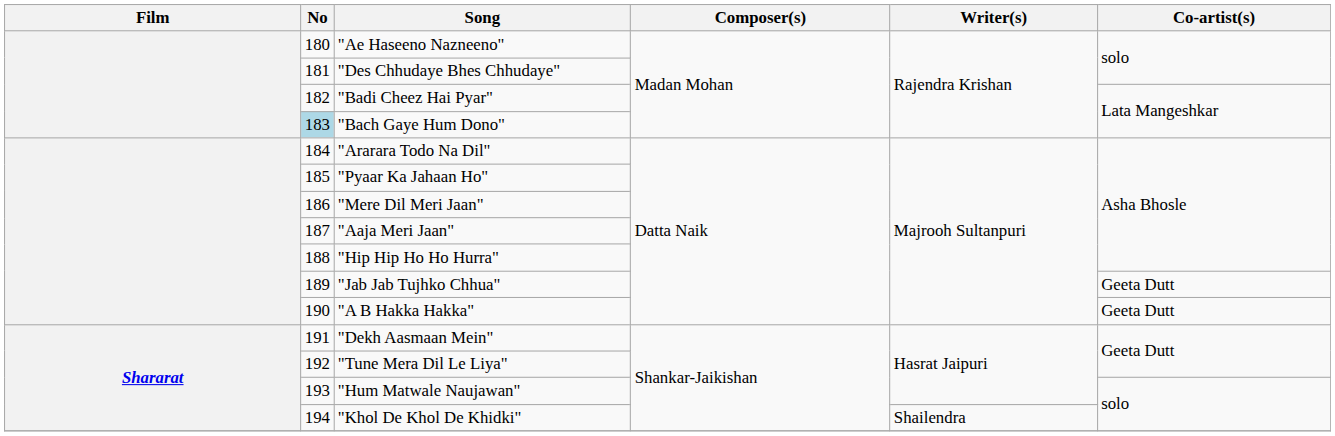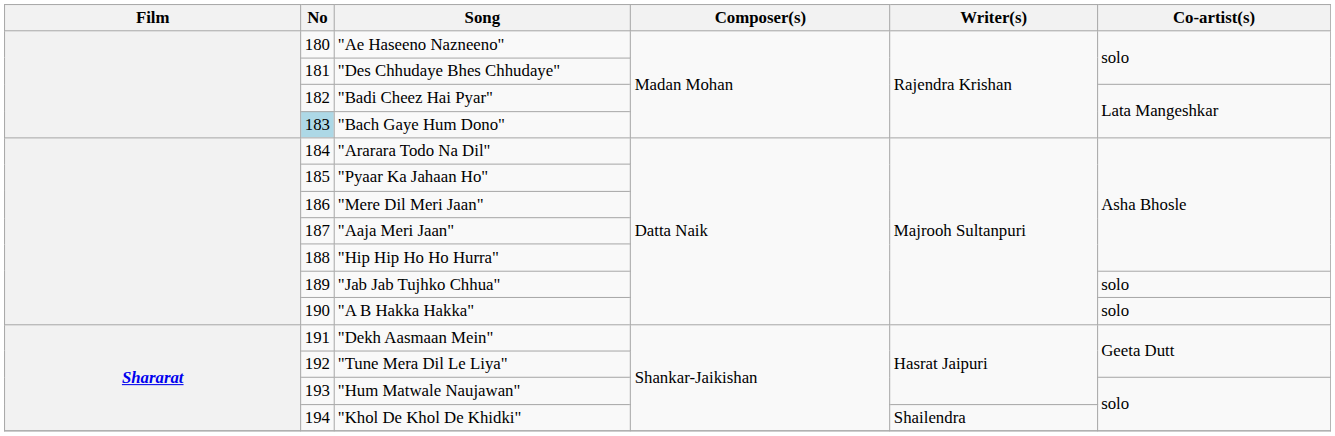 <table class="wikitable plainrowheaders" width="100%" textcolor:#000;">
 <tr style="background:#b0e0e66;">
 <th scope="col" width=23%><strong>Film</strong></th>
 <th><strong>No</strong></th>
 <th scope="col" width=23%><strong>Song</strong></th>
 <th scope="col" width=20%><strong>Composer(s)</strong></th>
 <th scope="col" width=16%><strong>Writer(s)</strong></th>
 <th scope="col" width=18%><strong>Co-artist(s)</strong></th>
 </tr>
 <tr>
 <th rowspan=4><em></em></th>
 <td>180</td>
 <td>"Ae Haseeno Nazneeno"</td>
 <td rowspan=4>Madan Mohan</td>
 <td rowspan=4>Rajendra Krishan</td>
 <td rowspan=2>solo</td>
 </tr>
 <tr>
 <td>181</td>
 <td>"Des Chhudaye Bhes Chhudaye"</td>
 </tr>
 <tr>
 <td>182</td>
 <td>"Badi Cheez Hai Pyar"</td>
 <td rowspan=2>Lata Mangeshkar</td>
 </tr>
 <tr>
 <td style="background: lightblue;">183</td>
 <td>"Bach Gaye Hum Dono"</td>
 </tr>
 <tr>
 <th rowspan=7><em></em></th>
 <td>184</td>
 <td>"Ararara Todo Na Dil"</td>
 <td rowspan=7>Datta Naik</td>
 <td rowspan=7>Majrooh Sultanpuri</td>
 <td rowspan=5>Asha Bhosle</td>
 </tr>
 <tr>
 <td>185</td>
 <td>"Pyaar Ka Jahaan Ho"</td>
 </tr>
 <tr>
 <td>186</td>
 <td>"Mere Dil Meri Jaan"</td>
 </tr>
 <tr>
 <td>187</td>
 <td>"Aaja Meri Jaan"</td>
 </tr>
 <tr>
 <td>188</td>
 <td>"Hip Hip Ho Ho Hurra"</td>
 </tr>
 <tr>
 <td>189</td>
 <td>"Jab Jab Tujhko Chhua"</td>
-<td>Geeta Dutt</td>
+<td>solo</td>
 </tr>
 <tr>
 <td>190</td>
 <td>"A B Hakka Hakka"</td>
-<td>Geeta Dutt</td>
+<td>solo</td>
 </tr>
 <tr>
 <th rowspan=4><em><a href='#'>Shararat</a></em></th>
 <td>191</td>
 <td>"Dekh Aasmaan Mein"</td>
 <td rowspan=4>Shankar-Jaikishan</td>
 <td rowspan=3>Hasrat Jaipuri</td>
 <td rowspan=2>Geeta Dutt</td>
 </tr>
 <tr>
 <td>192</td>
 <td>"Tune Mera Dil Le Liya"</td>
 </tr>
 <tr>
 <td>193</td>
 <td>"Hum Matwale Naujawan"</td>
 <td rowspan=2>solo</td>
 </tr>
 <tr>
 <td>194</td>
 <td>"Khol De Khol De Khidki"</td>
 <td>Shailendra</td>
 </tr>
 <tr>
 </tr>
 </table>
